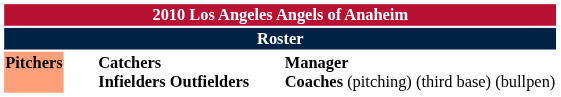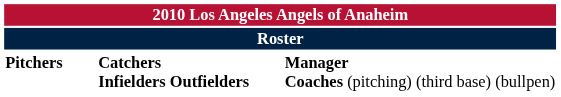 <table class="toccolours" style="font-size: 95%;">
 <tr>
 <th colspan="10" style="background-color: #B71234; color: white; text-align: center;">2010 Los Angeles Angels of Anaheim</th>
 </tr>
 <tr>
 <td colspan="10" style="background-color:#002244; color: white; text-align: center;"><strong>Roster</strong></td>
 </tr>
 <tr>
-<td valign="top" style="background: lightsalmon;"><strong>Pitchers</strong><br>                    </td>
+<td valign="top"><strong>Pitchers</strong><br>                    </td>
 <td width="25px"></td>
 <td valign="top"><strong>Catchers</strong><br>    <strong>Infielders</strong>             <strong>Outfielders</strong>         </td>
 <td width="25px"></td>
 <td valign="top"><strong>Manager</strong><br> <strong>Coaches</strong>  (pitching)  (third base)    (bullpen) </td>
 </tr>
 </table>
